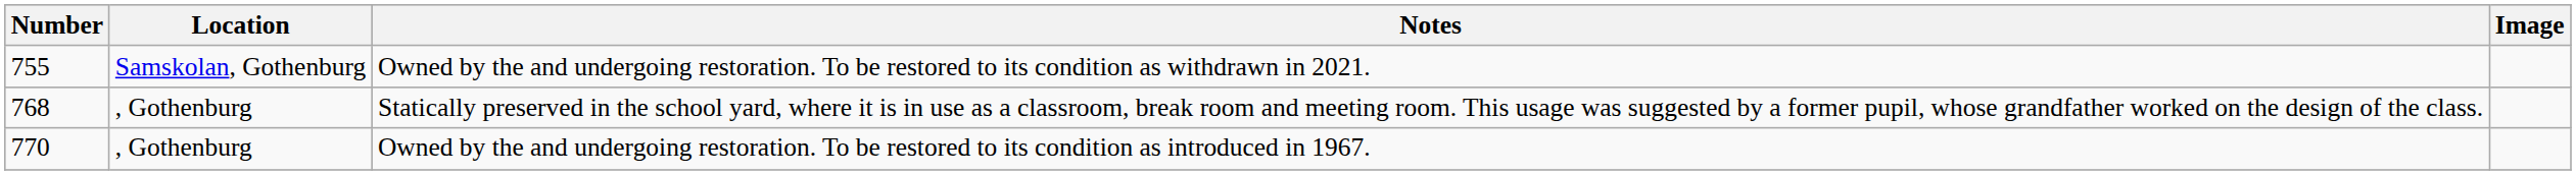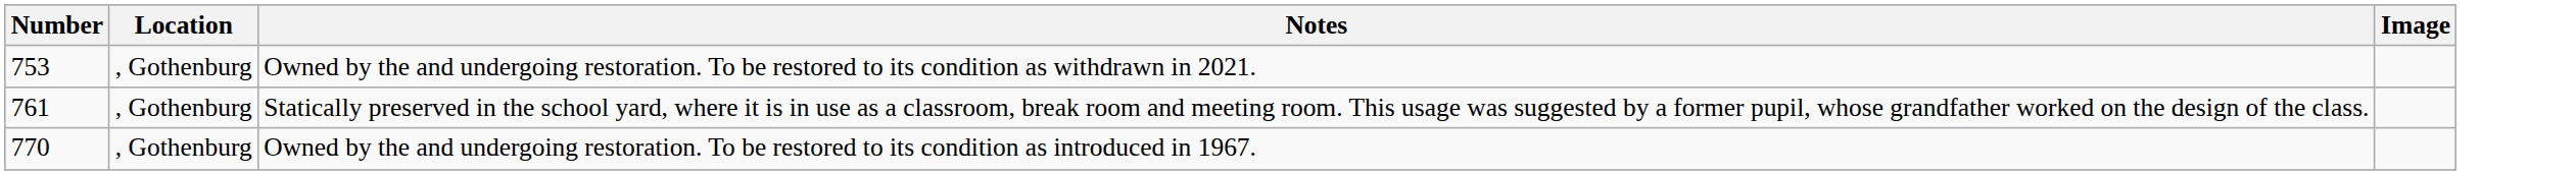 <table class="wikitable sortable">
 <tr>
 <th>Number</th>
 <th>Location</th>
 <th>Notes</th>
 <th>Image</th>
 </tr>
 <tr ->
-<td>755</td>
-<td><a href='#'>Samskolan</a>, Gothenburg</td>
+<td>753</td>
+<td>, Gothenburg</td>
 <td>Owned by the  and undergoing restoration. To be restored to its condition as withdrawn in 2021.</td>
 <td></td>
 </tr>
 <tr>
-<td>768</td>
+<td>761</td>
 <td>, Gothenburg</td>
 <td>Statically preserved in the school yard, where it is in use as a classroom, break room and meeting room. This usage was suggested by a former pupil, whose grandfather worked on the design of the class.</td>
 <td></td>
 </tr>
 <tr>
 <td>770</td>
 <td>, Gothenburg</td>
 <td>Owned by the  and undergoing restoration. To be restored to its condition as introduced in 1967.</td>
 <td></td>
 </tr>
 </table>
